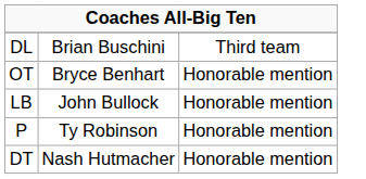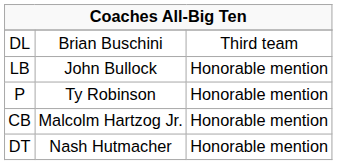 <table class="wikitable sortable" style="text-align:center">
 <tr>
 <td colspan="3"><strong>Coaches All-Big Ten</strong></td>
 </tr>
 <tr>
 </tr>
 <tr style="text-align:center;">
 <td style="background:white">DL</td>
 <td style="background:white">Brian Buschini</td>
 <td style="background:white">Third team</td>
 </tr>
 <tr style="text-align:center;">
-<td style="background:white">OT</td>
-<td style="background:white">Bryce Benhart</td>
-<td style="background:white">Honorable mention</td>
-</tr>
-<tr style="text-align:center;">
 <td style="background:white">LB</td>
 <td style="background:white">John Bullock</td>
 <td style="background:white">Honorable mention</td>
 </tr>
 <tr style="text-align:center;">
 <td style="background:white">P</td>
 <td style="background:white">Ty Robinson</td>
 <td style="background:white">Honorable mention</td>
 </tr>
 <tr style="text-align:center;">
+<td style="background:white">CB</td>
+<td style="background:white">Malcolm Hartzog Jr.</td>
+<td style="background:white">Honorable mention</td>
+</tr>
+<tr style="text-align:center;">
 <td style="background:white">DT</td>
 <td style="background:white">Nash Hutmacher</td>
 <td style="background:white">Honorable mention</td>
 </tr>
 </table>
